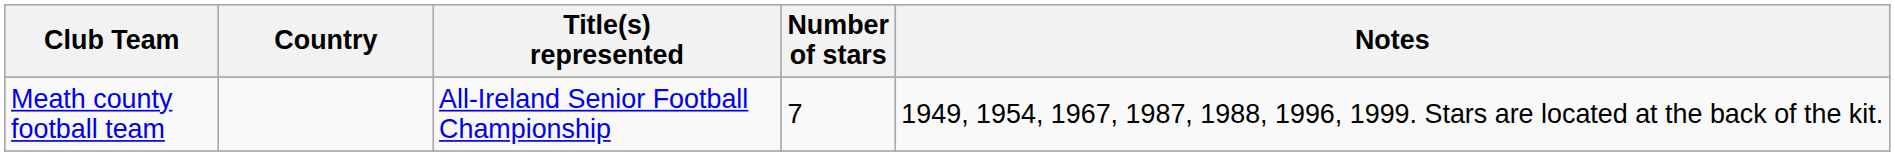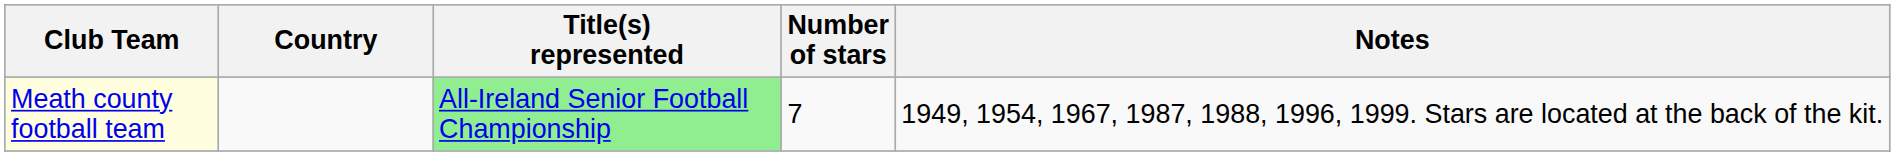 <table class="wikitable sortable">
 <tr>
 <th width=120>Club Team</th>
 <th width=120>Country</th>
 <th width=200>Title(s)<br>represented</th>
 <th>Number<br>of stars</th>
 <th class="unsortable">Notes</th>
 </tr>
 <tr>
-<td><a href='#'>Meath county football team</a></td>
+<td style="background: lightyellow;"><a href='#'>Meath county football team</a></td>
 <td></td>
-<td><a href='#'>All-Ireland Senior Football Championship</a></td>
+<td style="background: lightgreen;"><a href='#'>All-Ireland Senior Football Championship</a></td>
 <td>7</td>
 <td>1949, 1954, 1967, 1987, 1988, 1996, 1999. Stars are located at the back of the kit.</td>
 </tr>
 </table>
